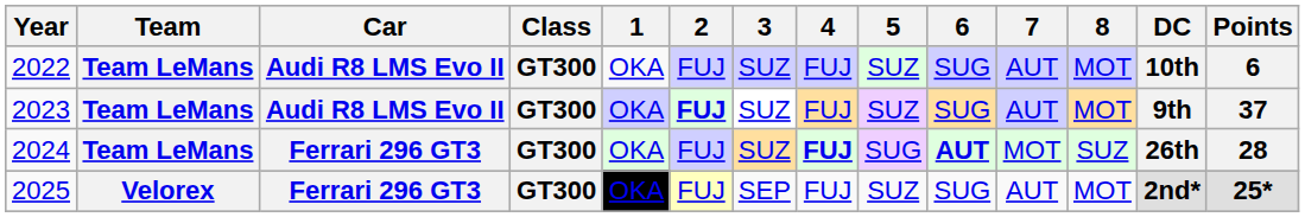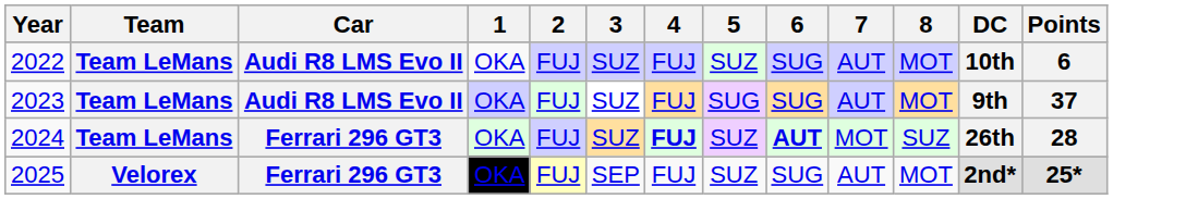 <table class="wikitable" style="text-align:center; font-size:85%">
 <tr>
 <th>Year</th>
 <th>Team</th>
 <th>Car</th>
-<th>Class</th>
 <th>1</th>
 <th>2</th>
 <th>3</th>
 <th>4</th>
 <th>5</th>
 <th>6</th>
 <th>7</th>
 <th>8</th>
 <th>DC</th>
 <th>Points</th>
 </tr>
 <tr>
 <td><a href='#'>2022</a></td>
 <th nowrap><a href='#'>Team LeMans</a></th>
 <th nowrap><a href='#'>Audi R8 LMS Evo II</a></th>
-<th>GT300</th>
 <td><a href='#'>OKA</a></td>
 <td style="background:#CFCFFF"><a href='#'>FUJ</a><br></td>
 <td style="background:#CFCFFF"><a href='#'>SUZ</a><br></td>
 <td style="background:#CFCFFF"><a href='#'>FUJ</a><br></td>
 <td style="background:#DFFFDF"><a href='#'>SUZ</a><br></td>
 <td style="background:#CFCFFF"><a href='#'>SUG</a><br></td>
 <td style="background:#CFCFFF"><a href='#'>AUT</a><br></td>
 <td style="background:#CFCFFF"><a href='#'>MOT</a><br></td>
 <th>10th</th>
 <th>6</th>
 </tr>
 <tr>
 <td><a href='#'>2023</a></td>
 <th nowrap><a href='#'>Team LeMans</a></th>
 <th nowrap><a href='#'>Audi R8 LMS Evo II</a></th>
-<th>GT300</th>
 <td style="background:#CFCFFF;"><a href='#'>OKA</a><br></td>
-<td style="background:#DFFFDF;"><strong><a href='#'>FUJ</a><br></strong></td>
+<td style="background:#DFFFDF;"><a href='#'>FUJ</a><br></td>
 <td style="background:#FFFFFF;"><a href='#'>SUZ</a><br></td>
 <td style="background:#FFDF9F;"><a href='#'>FUJ</a><br></td>
-<td style="background:#EFCFFF;"><a href='#'>SUZ</a><br></td>
+<td style="background:#EFCFFF;"><a href='#'>SUG</a><br></td>
 <td style="background:#FFDF9F;"><a href='#'>SUG</a><br></td>
 <td style="background:#CFCFFF;"><a href='#'>AUT</a><br></td>
 <td style="background:#FFDF9F;"><a href='#'>MOT</a><br></td>
 <th>9th</th>
 <th>37</th>
 </tr>
 <tr>
 <td><a href='#'>2024</a></td>
 <th nowrap><a href='#'>Team LeMans</a></th>
 <th nowrap><a href='#'>Ferrari 296 GT3</a></th>
-<th>GT300</th>
 <td style="background:#DFFFDF;"><a href='#'>OKA</a><br></td>
 <td style="background:#CFCFFF;"><a href='#'>FUJ</a><br></td>
 <td style="background:#FFDF9F;"><a href='#'>SUZ</a><br></td>
 <td style="background:#DFFFDF;"><strong><a href='#'>FUJ</a><br></strong></td>
-<td style="background:#EFCFFF;"><a href='#'>SUG</a><br></td>
+<td style="background:#EFCFFF;"><a href='#'>SUZ</a><br></td>
 <td style="background:#DFFFDF;"><strong><a href='#'>AUT</a></strong><br></td>
 <td style="background:#DFFFDF;"><a href='#'>MOT</a><br></td>
 <td style="background:#DFFFDF;"><a href='#'>SUZ</a><br></td>
 <th>26th</th>
 <th>28</th>
 </tr>
 <tr>
 <td><a href='#'>2025</a></td>
 <th><a href='#'>Velorex</a></th>
 <th><a href='#'>Ferrari 296 GT3</a></th>
-<th>GT300</th>
 <td style="background:#000000; color:white"><a href='#'><span>OKA</span></a><br></td>
 <td style="background:#FFFFBF;"><a href='#'>FUJ</a><br></td>
 <td style="background:#;"><a href='#'>SEP</a><br></td>
 <td style="background:#;"><a href='#'>FUJ</a><br></td>
 <td style="background:#;"><a href='#'>SUZ</a><br></td>
 <td style="background:#;"><a href='#'>SUG</a><br></td>
 <td style="background:#;"><a href='#'>AUT</a><br></td>
 <td style="background:#;"><a href='#'>MOT</a><br></td>
 <th style="background:#DFDFDF;">2nd*</th>
 <th style="background:#DFDFDF;">25*</th>
 </tr>
 </table>
